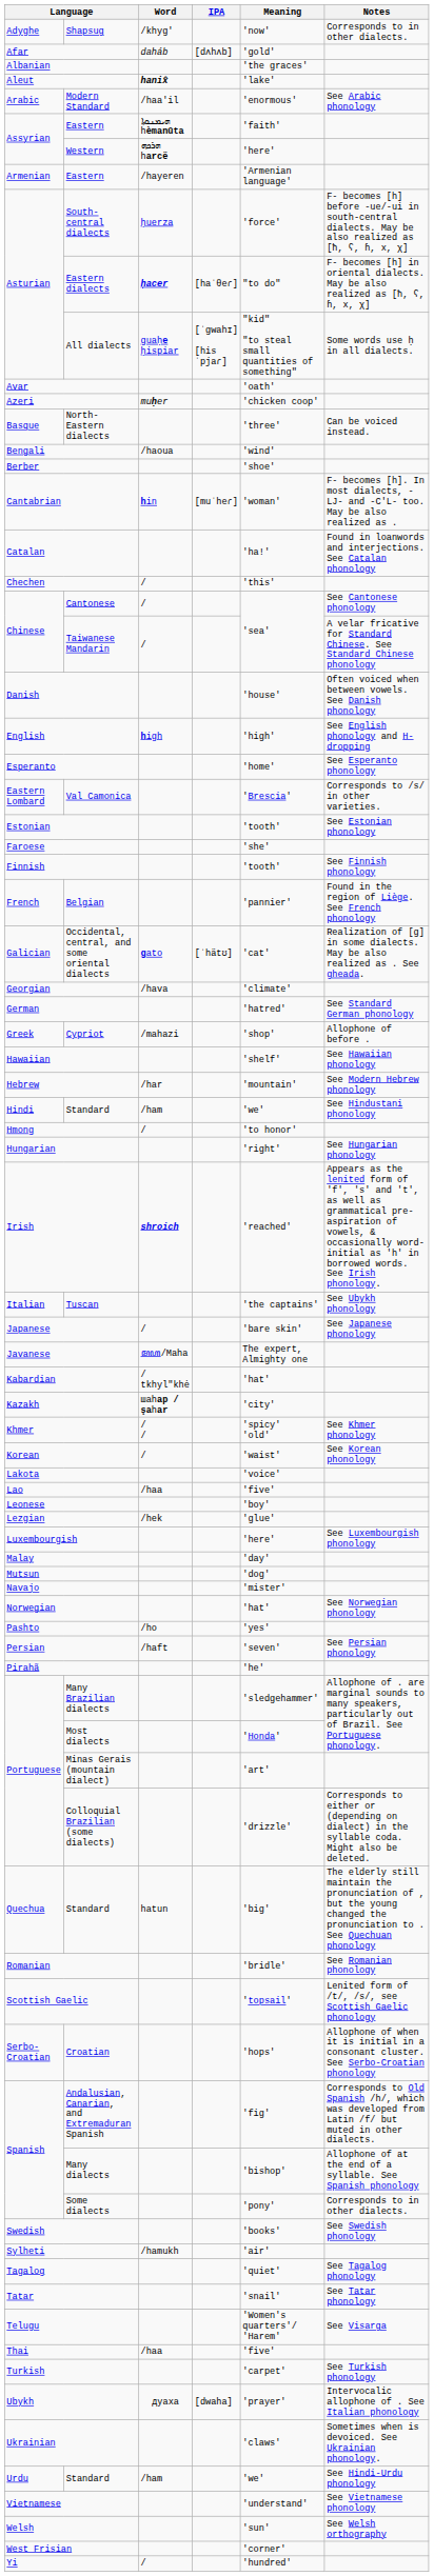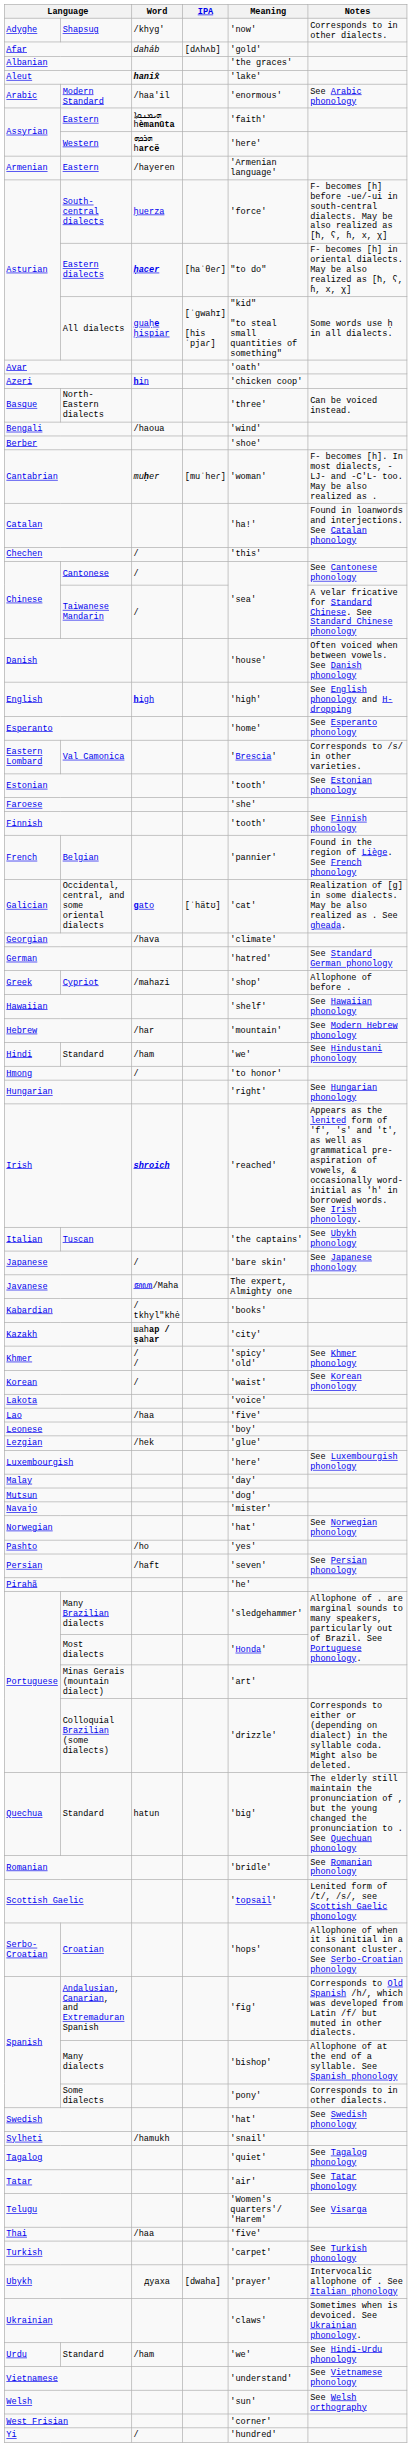 <table class="wikitable">
 <tr>
 <th colspan="2">Language</th>
 <th>Word</th>
 <th><a href='#'>IPA</a></th>
 <th>Meaning</th>
 <th>Notes</th>
 </tr>
 <tr>
 <td><a href='#'>Adyghe</a></td>
 <td><a href='#'>Shapsug</a></td>
 <td>/khyg'</td>
 <td></td>
 <td>'now'</td>
 <td>Corresponds to  in other dialects.</td>
 </tr>
 <tr>
 <td colspan="2"><a href='#'>Afar</a></td>
 <td><em>daháb</em></td>
 <td>[dʌhʌb]</td>
 <td>'gold'</td>
 <td></td>
 </tr>
 <tr>
 <td colspan="2"><a href='#'>Albanian</a></td>
 <td></td>
 <td></td>
 <td>'the graces'</td>
 <td></td>
 </tr>
 <tr>
 <td colspan="2"><a href='#'>Aleut</a></td>
 <td><strong><em>h<strong>anix̂<em></td>
 <td></td>
 <td>'lake'</td>
 <td></td>
 </tr>
 <tr>
 <td><a href='#'>Arabic</a></td>
 <td><a href='#'>Modern Standard</a></td>
 <td>/haa'il</td>
 <td></td>
 <td>'enormous'</td>
 <td>See <a href='#'>Arabic phonology</a></td>
 </tr>
 <tr>
 <td rowspan="2"><a href='#'>Assyrian</a></td>
 <td><a href='#'>Eastern</a></td>
 <td>ܗܝܡܢܘܬܐ </strong>h<strong>èmanūta</td>
 <td></td>
 <td>'faith'</td>
 <td></td>
 </tr>
 <tr>
 <td><a href='#'>Western</a></td>
 <td>ܗܪܟܗ </strong>h<strong>arcë</td>
 <td></td>
 <td>'here'</td>
 <td></td>
 </tr>
 <tr>
 <td><a href='#'>Armenian</a></td>
 <td><a href='#'>Eastern</a></td>
 <td>/hayeren</td>
 <td></td>
 <td>'Armenian language'</td>
 <td></td>
 </tr>
 <tr>
 <td rowspan="3"><a href='#'>Asturian</a></td>
 <td><a href='#'>South-central dialects</a></td>
 <td><a href='#'></em></strong>ḥ</strong>uerza</em></a></td>
 <td></td>
 <td>'force'</td>
 <td>F- becomes [h] before -ue/-ui in south-central dialects. May be also realized as [ħ, ʕ, ɦ, x, χ]</td>
 </tr>
 <tr>
 <td><a href='#'>Eastern dialects</a></td>
 <td><a href='#'><strong><em>ḥ<strong>acer<em></a></td>
 <td>[haˈθeɾ]</td>
 <td>"to do"</td>
 <td>F- becomes [h] in oriental dialects. May be also realized as [ħ, ʕ, ɦ, x, χ]</td>
 </tr>
 <tr>
 <td>All dialects</td>
 <td><a href='#'></em>gua</strong>ḥ<strong>e<em><br> </em></strong>ḥ</strong>ispiar</em></a></td>
 <td>[ˈgwahɪ]<br><br>[hisˈpjaɾ]</td>
 <td>"kid" <br><br>"to steal small quantities of something"</td>
 <td>Some words use ḥ in all dialects.</td>
 </tr>
 <tr>
 <td colspan="2"><a href='#'>Avar</a></td>
 <td></td>
 <td></td>
 <td>'oath'</td>
 <td></td>
 </tr>
 <tr>
 <td colspan="2"><a href='#'>Azeri</a></td>
-<td><em>mu<strong>ḥ</strong>er</em></td>
+<td><a href='#'><strong>h</strong>in</a></td>
 <td></td>
 <td>'chicken coop'</td>
 <td></td>
 </tr>
 <tr>
 <td colspain="2"><a href='#'>Basque</a></td>
 <td>North-Eastern dialects</td>
 <td></td>
 <td></td>
 <td>'three'</td>
 <td>Can be voiced  instead.</td>
 </tr>
 <tr>
 <td colspan="2"><a href='#'>Bengali</a></td>
 <td>/haoua</td>
 <td></td>
 <td>'wind'</td>
 <td></td>
 </tr>
 <tr>
 <td colspan="2"><a href='#'>Berber</a></td>
 <td></td>
 <td></td>
 <td>'shoe'</td>
 <td></td>
 </tr>
 <tr>
 <td colspan="2"><a href='#'>Cantabrian</a></td>
-<td><a href='#'><strong>h</strong>in</a></td>
+<td><em>mu<strong>ḥ</strong>er</em></td>
 <td>[muˈheɾ]</td>
 <td>'woman'</td>
 <td>F- becomes [h]. In most dialects, -LJ- and -C'L- too. May be also realized as .</td>
 </tr>
 <tr>
 <td colspan="2"><a href='#'>Catalan</a></td>
 <td></td>
 <td></td>
 <td>'ha!'</td>
 <td>Found in loanwords and interjections. See <a href='#'>Catalan phonology</a></td>
 </tr>
 <tr>
 <td colspan="2"><a href='#'>Chechen</a></td>
 <td> / </td>
 <td></td>
 <td>'this'</td>
 <td></td>
 </tr>
 <tr>
 <td rowspan="2"><a href='#'>Chinese</a></td>
 <td><a href='#'>Cantonese</a></td>
 <td> / </td>
 <td></td>
 <td rowspan=2>'sea'</td>
 <td>See <a href='#'>Cantonese phonology</a></td>
 </tr>
 <tr>
 <td><a href='#'>Taiwanese Mandarin</a></td>
 <td> / </td>
 <td></td>
 <td>A velar fricative  for <a href='#'>Standard Chinese</a>. See <a href='#'>Standard Chinese phonology</a></td>
 </tr>
 <tr>
 <td colspan=2><a href='#'>Danish</a></td>
 <td></td>
 <td></td>
 <td>'house'</td>
 <td>Often voiced  when between vowels. See <a href='#'>Danish phonology</a></td>
 </tr>
 <tr>
 <td colspan="2"><a href='#'>English</a></td>
 <td><a href='#'><strong>h</strong>igh</a></td>
 <td></td>
 <td>'high'</td>
 <td>See <a href='#'>English phonology</a> and <a href='#'>H-dropping</a></td>
 </tr>
 <tr>
 <td colspan="2"><a href='#'>Esperanto</a></td>
 <td></td>
 <td></td>
 <td>'home'</td>
 <td>See <a href='#'>Esperanto phonology</a></td>
 </tr>
 <tr>
 <td><a href='#'>Eastern Lombard</a></td>
 <td><a href='#'>Val Camonica</a></td>
 <td></td>
 <td></td>
 <td>'<a href='#'>Brescia</a>'</td>
 <td>Corresponds to /s/ in other varieties.</td>
 </tr>
 <tr>
 <td colspan="2"><a href='#'>Estonian</a></td>
 <td></td>
 <td></td>
 <td>'tooth'</td>
 <td>See <a href='#'>Estonian phonology</a></td>
 </tr>
 <tr>
 <td colspan="2"><a href='#'>Faroese</a></td>
 <td></td>
 <td></td>
 <td>'she'</td>
 <td></td>
 </tr>
 <tr>
 <td colspan="2"><a href='#'>Finnish</a></td>
 <td></td>
 <td></td>
 <td>'tooth'</td>
 <td>See <a href='#'>Finnish phonology</a></td>
 </tr>
 <tr>
 <td><a href='#'>French</a></td>
 <td><a href='#'>Belgian</a></td>
 <td></td>
 <td></td>
 <td>'pannier'</td>
 <td>Found in the region of <a href='#'>Liège</a>. See <a href='#'>French phonology</a></td>
 </tr>
 <tr>
 <td><a href='#'>Galician</a></td>
 <td>Occidental, central, and some oriental dialects</td>
 <td><a href='#'><strong>g</strong>ato</a></td>
 <td>[ˈhätʊ]</td>
 <td>'cat'</td>
 <td>Realization of [g] in some dialects. May be also realized as . See <a href='#'>gheada</a>.</td>
 </tr>
 <tr>
 <td colspan="2"><a href='#'>Georgian</a></td>
 <td>/hava</td>
 <td></td>
 <td>'climate'</td>
 <td></td>
 </tr>
 <tr>
 <td colspan="2"><a href='#'>German</a></td>
 <td></td>
 <td></td>
 <td>'hatred'</td>
 <td>See <a href='#'>Standard German phonology</a></td>
 </tr>
 <tr>
 <td><a href='#'>Greek</a></td>
 <td><a href='#'>Cypriot</a></td>
 <td>/mahazi</td>
 <td></td>
 <td>'shop'</td>
 <td>Allophone of  before .</td>
 </tr>
 <tr>
 <td colspan="2"><a href='#'>Hawaiian</a></td>
 <td></td>
 <td></td>
 <td>'shelf'</td>
 <td>See <a href='#'>Hawaiian phonology</a></td>
 </tr>
 <tr>
 <td colspan="2"><a href='#'>Hebrew</a></td>
 <td>/har</td>
 <td></td>
 <td>'mountain'</td>
 <td>See <a href='#'>Modern Hebrew phonology</a></td>
 </tr>
 <tr>
 <td><a href='#'>Hindi</a></td>
 <td>Standard</td>
 <td>/ham</td>
 <td></td>
 <td>'we'</td>
 <td>See <a href='#'>Hindustani phonology</a></td>
 </tr>
 <tr>
 <td colspan="2"><a href='#'>Hmong</a></td>
 <td> / </td>
 <td></td>
 <td>'to honor'</td>
 <td></td>
 </tr>
 <tr>
 <td colspan="2"><a href='#'>Hungarian</a></td>
 <td></td>
 <td></td>
 <td>'right'</td>
 <td>See <a href='#'>Hungarian phonology</a></td>
 </tr>
 <tr>
 <td colspan="2"><a href='#'>Irish</a></td>
 <td><a href='#'><strong><em>sh<strong>roich<em></a></td>
 <td></td>
 <td>'reached'</td>
 <td>Appears as the <a href='#'>lenited</a> form of 'f', 's' and 't', as well as grammatical pre-aspiration of vowels, & occasionally word-initial as 'h' in borrowed words. See <a href='#'>Irish phonology</a>.</td>
 </tr>
 <tr>
 <td><a href='#'>Italian</a></td>
 <td><a href='#'>Tuscan</a></td>
 <td></td>
 <td></td>
 <td>'the captains'</td>
 <td>See <a href='#'>Ubykh phonology</a></td>
 </tr>
 <tr>
 <td colspan="2"><a href='#'>Japanese</a></td>
 <td> / </td>
 <td></td>
 <td>'bare skin'</td>
 <td>See <a href='#'>Japanese phonology</a></td>
 </tr>
 <tr>
 <td colspan=2><a href='#'>Javanese</a></td>
 <td><a href='#'>ꦩꦲ</a>/Maha</td>
 <td></td>
 <td>The expert, Almighty one</td>
 <td></td>
 </tr>
 <tr>
 <td colspan="2"><a href='#'>Kabardian</a></td>
 <td>/ tkhyl"khė</td>
 <td></td>
-<td>'hat'</td>
+<td>'books'</td>
 <td></td>
 </tr>
 <tr>
 <td colspan="2"><a href='#'>Kazakh</a></td>
 <td>ша</strong>һ<strong>ар / şa</strong>h<strong>ar</td>
 <td></td>
 <td>'city'</td>
 <td></td>
 </tr>
 <tr>
 <td colspan="2"><a href='#'>Khmer</a></td>
 <td> / <br> / </td>
 <td><br></td>
 <td>'spicy'<br>'old'</td>
 <td>See <a href='#'>Khmer phonology</a></td>
 </tr>
 <tr>
 <td colspan="2"><a href='#'>Korean</a></td>
 <td> / </td>
 <td></td>
 <td>'waist'</td>
 <td>See <a href='#'>Korean phonology</a></td>
 </tr>
 <tr>
 <td colspan="2"><a href='#'>Lakota</a></td>
 <td></td>
 <td></td>
 <td>'voice'</td>
 <td></td>
 </tr>
 <tr>
 <td colspan="2"><a href='#'>Lao</a></td>
 <td>/haa</td>
 <td></td>
 <td>'five'</td>
 <td></td>
 </tr>
 <tr>
 <td colspan="2"><a href='#'>Leonese</a></td>
 <td></td>
 <td></td>
 <td>'boy'</td>
 <td></td>
 </tr>
 <tr>
 <td colspan="2"><a href='#'>Lezgian</a></td>
 <td>/hek</td>
 <td></td>
 <td>'glue'</td>
 <td></td>
 </tr>
 <tr>
 <td colspan="2"><a href='#'>Luxembourgish</a></td>
 <td></td>
 <td></td>
 <td>'here'</td>
 <td>See <a href='#'>Luxembourgish phonology</a></td>
 </tr>
 <tr>
 <td colspan="2"><a href='#'>Malay</a></td>
 <td></td>
 <td></td>
 <td>'day'</td>
 <td></td>
 </tr>
 <tr>
 <td colspan="2"><a href='#'>Mutsun</a></td>
 <td></td>
 <td></td>
 <td>'dog'</td>
 <td></td>
 </tr>
 <tr>
 <td colspan="2"><a href='#'>Navajo</a></td>
 <td></td>
 <td></td>
 <td>'mister'</td>
 <td></td>
 </tr>
 <tr>
 <td colspan="2"><a href='#'>Norwegian</a></td>
 <td></td>
 <td></td>
 <td>'hat'</td>
 <td>See <a href='#'>Norwegian phonology</a></td>
 </tr>
 <tr>
 <td colspan="2"><a href='#'>Pashto</a></td>
 <td>/ho</td>
 <td></td>
 <td>'yes'</td>
 <td></td>
 </tr>
 <tr>
 <td colspan="2"><a href='#'>Persian</a></td>
 <td>/haft</td>
 <td></td>
 <td>'seven'</td>
 <td>See <a href='#'>Persian phonology</a></td>
 </tr>
 <tr>
 <td colspan="2"><a href='#'>Pirahã</a></td>
 <td></td>
 <td></td>
 <td>'he'</td>
 <td></td>
 </tr>
 <tr>
 <td rowspan="4"><a href='#'>Portuguese</a></td>
 <td>Many <a href='#'>Brazilian</a> dialects</td>
 <td></td>
 <td></td>
 <td>'sledgehammer'</td>
 <td rowspan=2>Allophone of .  are marginal sounds to many speakers, particularly out of Brazil. See <a href='#'>Portuguese phonology</a>.</td>
 </tr>
 <tr>
 <td>Most dialects</td>
 <td></td>
 <td></td>
 <td>'<a href='#'>Honda</a>'</td>
 </tr>
 <tr>
 <td>Minas Gerais (mountain dialect)</td>
 <td></td>
 <td></td>
 <td>'art'</td>
 <td></td>
 </tr>
 <tr>
 <td>Colloquial <a href='#'>Brazilian</a> (some dialects)</td>
 <td></em><em></td>
 <td></td>
 <td>'drizzle'</td>
 <td>Corresponds to either  or  (depending on dialect) in the syllable coda. Might also be deleted.</td>
 </tr>
 <tr>
 <td><a href='#'>Quechua</a></td>
 <td>Standard</td>
 <td></em></strong>h</strong>atun</em></td>
 <td></td>
 <td>'big'</td>
 <td>The elderly still maintain the pronunciation of , but the young changed the pronunciation to .<br>See <a href='#'>Quechuan phonology</a></td>
 </tr>
 <tr>
 <td colspan="2"><a href='#'>Romanian</a></td>
 <td></td>
 <td></td>
 <td>'bridle'</td>
 <td>See <a href='#'>Romanian phonology</a></td>
 </tr>
 <tr>
 <td colspan="2"><a href='#'>Scottish Gaelic</a></td>
 <td></td>
 <td></td>
 <td>'<a href='#'>topsail</a>'</td>
 <td>Lenited form of /t/, /s/, see <a href='#'>Scottish Gaelic phonology</a></td>
 </tr>
 <tr>
 <td><a href='#'>Serbo-Croatian</a></td>
 <td><a href='#'>Croatian</a></td>
 <td></td>
 <td></td>
 <td>'hops'</td>
 <td>Allophone of  when it is initial in a consonant cluster. See <a href='#'>Serbo-Croatian phonology</a></td>
 </tr>
 <tr>
 <td rowspan="3"><a href='#'>Spanish</a></td>
 <td><a href='#'>Andalusian</a>, <a href='#'>Canarian</a>, and <a href='#'>Extremaduran</a> Spanish</td>
 <td></td>
 <td></td>
 <td>'fig'</td>
 <td>Corresponds to <a href='#'>Old Spanish</a> /h/, which was developed from Latin /f/ but muted in other dialects.</td>
 </tr>
 <tr>
 <td>Many dialects</td>
 <td></td>
 <td></td>
 <td>'bishop'</td>
 <td>Allophone of  at the end of a syllable. See <a href='#'>Spanish phonology</a></td>
 </tr>
 <tr>
 <td>Some dialects</td>
 <td></td>
 <td></td>
 <td>'pony'</td>
 <td>Corresponds to  in other dialects.</td>
 </tr>
 <tr>
 <td colspan="2"><a href='#'>Swedish</a></td>
 <td></td>
 <td></td>
-<td>'books'</td>
+<td>'hat'</td>
 <td>See <a href='#'>Swedish phonology</a></td>
 </tr>
 <tr>
 <td colspan="2"><a href='#'>Sylheti</a></td>
 <td>/hamukh</td>
 <td></td>
-<td>'air'</td>
+<td>'snail'</td>
 <td></td>
 </tr>
 <tr>
 <td colspan="2"><a href='#'>Tagalog</a></td>
 <td></td>
 <td></td>
 <td>'quiet'</td>
 <td>See <a href='#'>Tagalog phonology</a></td>
 </tr>
 <tr>
 <td colspan="2"><a href='#'>Tatar</a></td>
 <td></td>
 <td></td>
-<td>'snail'</td>
+<td>'air'</td>
 <td>See <a href='#'>Tatar phonology</a></td>
 </tr>
 <tr>
 <td colspan="2"><a href='#'>Telugu</a></td>
 <td></td>
 <td></td>
 <td>'Women's quarters'/ 'Harem'</td>
 <td>See <a href='#'>Visarga</a></td>
 </tr>
 <tr>
 <td colspan="2"><a href='#'>Thai</a></td>
 <td>/haa</td>
 <td></td>
 <td>'five'</td>
 <td></td>
 </tr>
 <tr>
 <td colspan="2"><a href='#'>Turkish</a></td>
 <td></td>
 <td></td>
 <td>'carpet'</td>
 <td>See <a href='#'>Turkish phonology</a></td>
 </tr>
 <tr>
 <td colspan="2"><a href='#'>Ubykh</a></td>
 <td align="center">дуаха</td>
 <td>[dwaha]</td>
 <td>'prayer'</td>
 <td>Intervocalic allophone of . See <a href='#'>Italian phonology</a></td>
 </tr>
 <tr>
 <td colspan="2"><a href='#'>Ukrainian</a></td>
 <td></td>
 <td></td>
 <td>'claws'</td>
 <td>Sometimes when  is devoiced. See <a href='#'>Ukrainian phonology</a>.</td>
 </tr>
 <tr>
 <td><a href='#'>Urdu</a></td>
 <td>Standard</td>
 <td>/ham</td>
 <td></td>
 <td>'we'</td>
 <td>See <a href='#'>Hindi-Urdu phonology</a></td>
 </tr>
 <tr>
 <td colspan="2"><a href='#'>Vietnamese</a></td>
 <td></td>
 <td></td>
 <td>'understand'</td>
 <td>See <a href='#'>Vietnamese phonology</a></td>
 </tr>
 <tr>
 <td colspan="2"><a href='#'>Welsh</a></td>
 <td></td>
 <td></td>
 <td>'sun'</td>
 <td>See <a href='#'>Welsh orthography</a></td>
 </tr>
 <tr>
 <td colspan="2"><a href='#'>West Frisian</a></td>
 <td></td>
 <td></td>
 <td>'corner'</td>
 <td></td>
 </tr>
 <tr>
 <td colspan="2"><a href='#'>Yi</a></td>
 <td> / </td>
 <td></td>
 <td>'hundred'</td>
 <td></td>
 </tr>
 </table>
